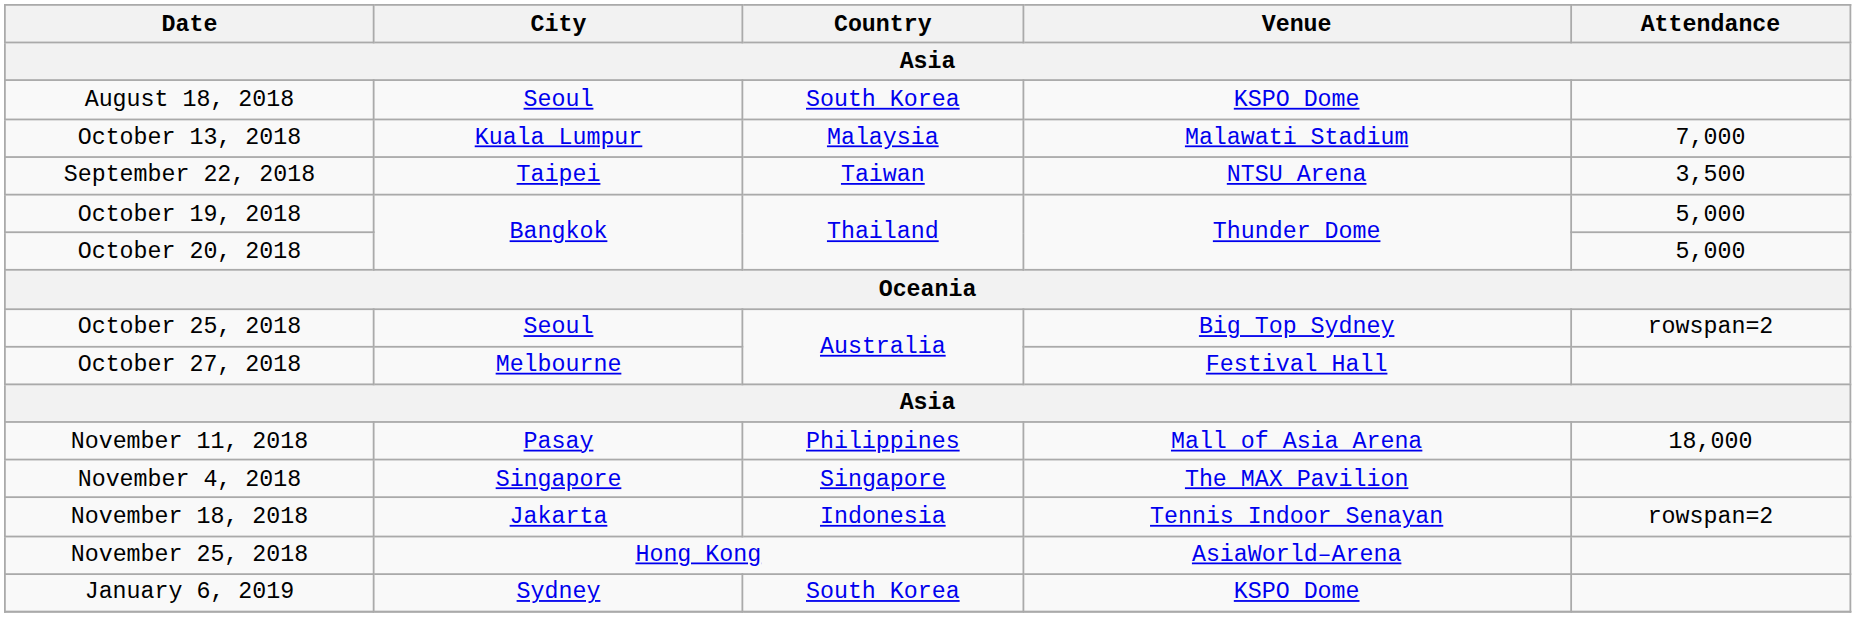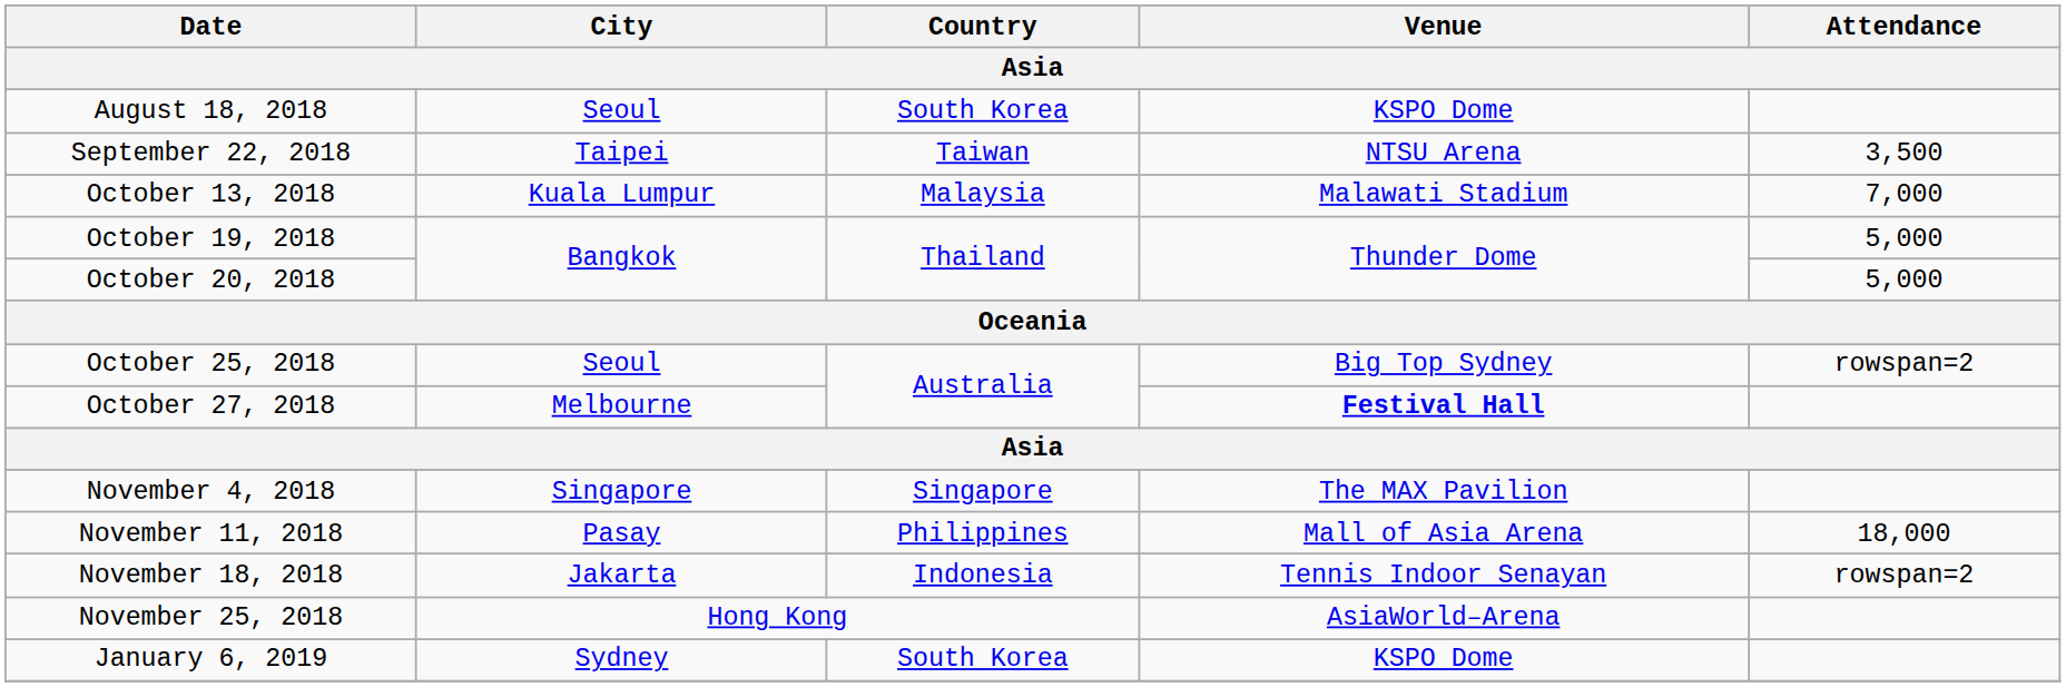 <table class="wikitable" style="text-align:center;">
 <tr>
 <th width=200>Date</th>
 <th width=200>City</th>
 <th width=150>Country</th>
 <th width=300>Venue</th>
 <th width=150>Attendance</th>
 </tr>
 <tr>
 <th colspan="5">Asia</th>
 </tr>
 <tr>
 <td>August 18, 2018</td>
 <td><a href='#'>Seoul</a></td>
 <td><a href='#'>South Korea</a></td>
 <td><a href='#'>KSPO Dome</a></td>
 <td></td>
 </tr>
 <tr>
+<td>September 22, 2018</td>
+<td><a href='#'>Taipei</a></td>
+<td><a href='#'>Taiwan</a></td>
+<td><a href='#'>NTSU Arena</a></td>
+<td>3,500</td>
+</tr>
+<tr>
 <td>October 13, 2018</td>
 <td><a href='#'>Kuala Lumpur</a></td>
 <td><a href='#'>Malaysia</a></td>
 <td><a href='#'>Malawati Stadium</a></td>
 <td>7,000</td>
-</tr>
-<tr>
-<td>September 22, 2018</td>
-<td><a href='#'>Taipei</a></td>
-<td><a href='#'>Taiwan</a></td>
-<td><a href='#'>NTSU Arena</a></td>
-<td>3,500</td>
 </tr>
 <tr>
 <td>October 19, 2018</td>
 <td rowspan=2><a href='#'>Bangkok</a></td>
 <td rowspan=2><a href='#'>Thailand</a></td>
 <td rowspan=2><a href='#'>Thunder Dome</a></td>
 <td>5,000</td>
 </tr>
 <tr>
 <td>October 20, 2018</td>
 <td>5,000</td>
 </tr>
 <tr>
 <th colspan="5">Oceania</th>
 </tr>
 <tr>
 <td>October 25, 2018</td>
 <td><a href='#'>Seoul</a></td>
 <td rowspan=2><a href='#'>Australia</a></td>
 <td><a href='#'>Big Top Sydney</a></td>
 <td>rowspan=2 </td>
 </tr>
 <tr>
 <td>October 27, 2018</td>
 <td><a href='#'>Melbourne</a></td>
-<td><a href='#'>Festival Hall</a></td>
+<td><strong><a href='#'>Festival Hall</a></strong></td>
 </tr>
 <tr>
 <th colspan="5">Asia</th>
+</tr>
+<tr>
+<td>November 4, 2018</td>
+<td><a href='#'>Singapore</a></td>
+<td><a href='#'>Singapore</a></td>
+<td><a href='#'>The MAX Pavilion</a></td>
+<td></td>
 </tr>
 <tr>
 <td>November 11, 2018</td>
 <td><a href='#'>Pasay</a></td>
 <td><a href='#'>Philippines</a></td>
 <td><a href='#'>Mall of Asia Arena</a></td>
 <td>18,000</td>
-</tr>
-<tr>
-<td>November 4, 2018</td>
-<td><a href='#'>Singapore</a></td>
-<td><a href='#'>Singapore</a></td>
-<td><a href='#'>The MAX Pavilion</a></td>
-<td></td>
 </tr>
 <tr>
 <td>November 18, 2018</td>
 <td><a href='#'>Jakarta</a></td>
 <td><a href='#'>Indonesia</a></td>
 <td><a href='#'>Tennis Indoor Senayan</a></td>
 <td>rowspan=2 </td>
 </tr>
 <tr>
 <td>November 25, 2018</td>
 <td colspan="2"><a href='#'>Hong Kong</a></td>
 <td><a href='#'>AsiaWorld–Arena</a></td>
 </tr>
 <tr>
 <td>January 6, 2019</td>
 <td><a href='#'>Sydney</a></td>
 <td><a href='#'>South Korea</a></td>
 <td><a href='#'>KSPO Dome</a></td>
 <td></td>
 </tr>
 <tr>
 </tr>
 </table>
